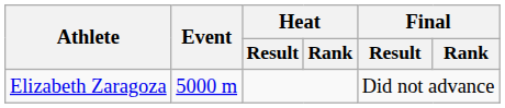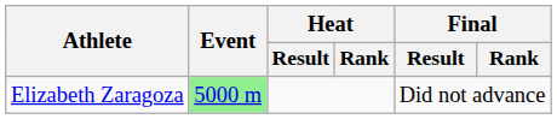 <table class=wikitable style="font-size:90%">
 <tr>
 <th rowspan="2">Athlete</th>
 <th rowspan="2">Event</th>
 <th colspan="2">Heat</th>
 <th colspan="2">Final</th>
 </tr>
 <tr style="font-size:95%">
 <th>Result</th>
 <th>Rank</th>
 <th>Result</th>
 <th>Rank</th>
 </tr>
 <tr align=center>
 <td align=left><a href='#'>Elizabeth Zaragoza</a></td>
-<td align=left><a href='#'>5000 m</a></td>
+<td align=left style="background: lightgreen;"><a href='#'>5000 m</a></td>
 <td colspan=2></td>
 <td colspan=2>Did not advance</td>
 </tr>
 </table>
